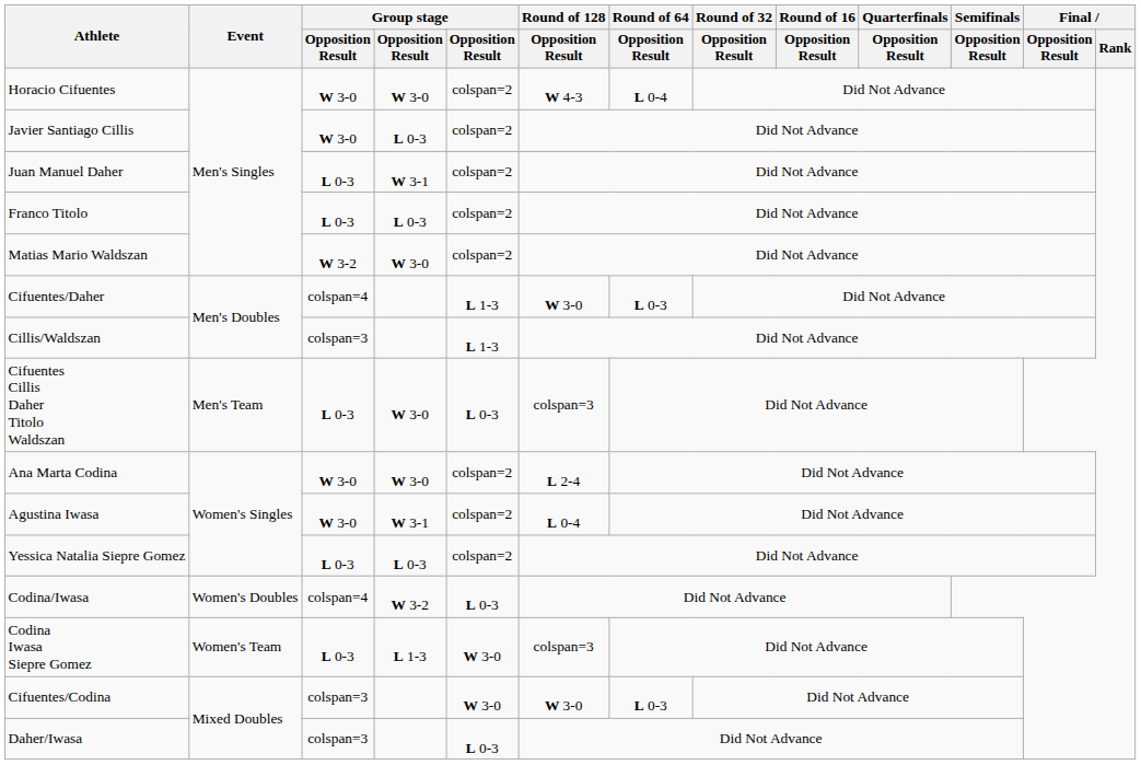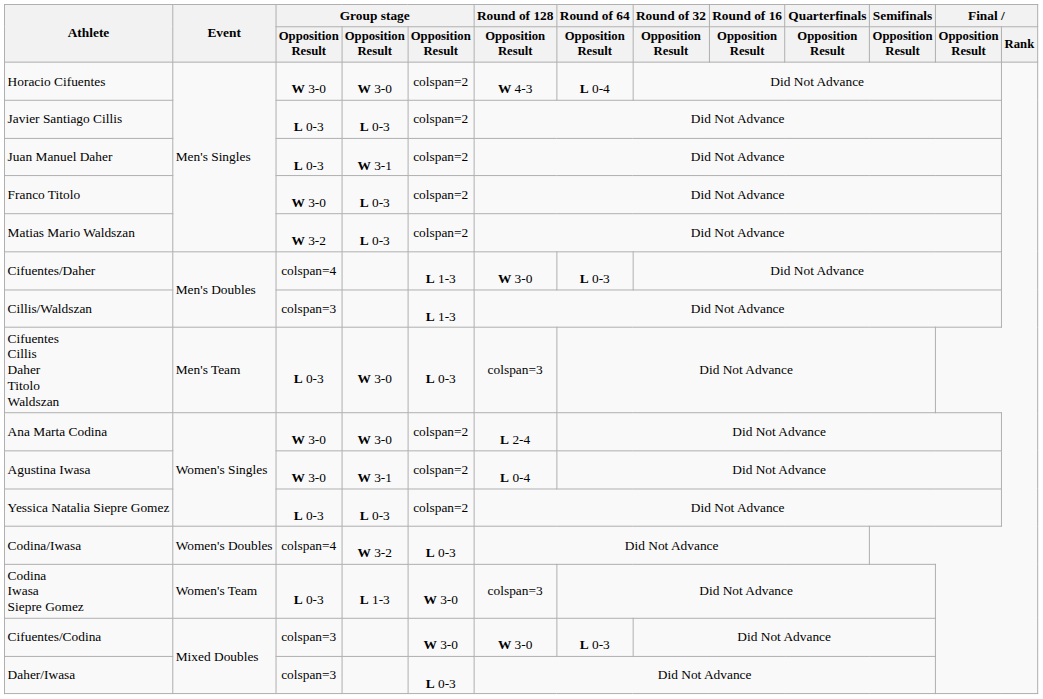 <table class="wikitable" style="font-size:90%;">
 <tr>
 <th rowspan=2>Athlete</th>
 <th rowspan=2>Event</th>
 <th colspan=3>Group stage</th>
 <th>Round of 128</th>
 <th>Round of 64</th>
 <th>Round of 32</th>
 <th>Round of 16</th>
 <th>Quarterfinals</th>
 <th>Semifinals</th>
 <th colspan=2>Final / </th>
 </tr>
 <tr style="font-size:95%">
 <th>Opposition<br>Result</th>
 <th>Opposition<br>Result</th>
 <th>Opposition<br>Result</th>
 <th>Opposition<br>Result</th>
 <th>Opposition<br>Result</th>
 <th>Opposition<br>Result</th>
 <th>Opposition<br>Result</th>
 <th>Opposition<br>Result</th>
 <th>Opposition<br>Result</th>
 <th>Opposition<br>Result</th>
 <th>Rank</th>
 </tr>
 <tr align=center>
 <td align=left>Horacio Cifuentes</td>
 <td align=left rowspan=5>Men's Singles</td>
 <td><br><strong>W</strong> 3-0</td>
 <td><br><strong>W</strong> 3-0</td>
 <td>colspan=2 </td>
 <td><br><strong>W</strong> 4-3</td>
 <td><br><strong>L</strong> 0-4</td>
 <td colspan=5>Did Not Advance</td>
 </tr>
 <tr align=center>
 <td align=left>Javier Santiago Cillis</td>
-<td><br><strong>W</strong> 3-0</td>
+<td><br><strong>L</strong> 0-3</td>
 <td><br><strong>L</strong> 0-3</td>
 <td>colspan=2 </td>
 <td colspan=7>Did Not Advance</td>
 </tr>
 <tr align=center>
 <td align=left>Juan Manuel Daher</td>
 <td><br><strong>L</strong> 0-3</td>
 <td><br><strong>W</strong> 3-1</td>
 <td>colspan=2 </td>
 <td colspan=7>Did Not Advance</td>
 </tr>
 <tr align=center>
 <td align=left>Franco Titolo</td>
-<td><br><strong>L</strong> 0-3</td>
+<td><br><strong>W</strong> 3-0</td>
 <td><br><strong>L</strong> 0-3</td>
 <td>colspan=2 </td>
 <td colspan=7>Did Not Advance</td>
 </tr>
 <tr align=center>
 <td align=left>Matias Mario Waldszan</td>
 <td><br><strong>W</strong> 3-2</td>
-<td><br><strong>W</strong> 3-0</td>
+<td><br><strong>L</strong> 0-3</td>
 <td>colspan=2 </td>
 <td colspan=7>Did Not Advance</td>
 </tr>
 <tr align=center>
 <td align=left>Cifuentes/Daher</td>
 <td align=left rowspan=2>Men's Doubles</td>
 <td>colspan=4 </td>
 <td></td>
 <td><br><strong>L</strong> 1-3</td>
 <td><br><strong>W</strong> 3-0</td>
 <td><br><strong>L</strong> 0-3</td>
 <td colspan=5>Did Not Advance</td>
 </tr>
 <tr align=center>
 <td align=left>Cillis/Waldszan</td>
 <td>colspan=3 </td>
 <td></td>
 <td><br><strong>L</strong> 1-3</td>
 <td colspan=7>Did Not Advance</td>
 </tr>
 <tr align=center>
 <td align=left>Cifuentes<br>Cillis<br>Daher<br>Titolo<br>Waldszan</td>
 <td align=left>Men's Team</td>
 <td><br><strong>L</strong> 0-3</td>
 <td><br><strong>W</strong> 3-0</td>
 <td><br><strong>L</strong> 0-3</td>
 <td>colspan=3 </td>
 <td colspan=5>Did Not Advance</td>
 </tr>
 <tr align=center>
 <td align=left>Ana Marta Codina</td>
 <td align=left rowspan=3>Women's Singles</td>
 <td><br><strong>W</strong> 3-0</td>
 <td><br><strong>W</strong> 3-0</td>
 <td>colspan=2 </td>
 <td><br><strong>L</strong> 2-4</td>
 <td colspan=6>Did Not Advance</td>
 </tr>
 <tr align=center>
 <td align=left>Agustina Iwasa</td>
 <td><br><strong>W</strong> 3-0</td>
 <td><br><strong>W</strong> 3-1</td>
 <td>colspan=2 </td>
 <td><br><strong>L</strong> 0-4</td>
 <td colspan=6>Did Not Advance</td>
 </tr>
 <tr align=center>
 <td align=left>Yessica Natalia Siepre Gomez</td>
 <td><br><strong>L</strong> 0-3</td>
 <td><br><strong>L</strong> 0-3</td>
 <td>colspan=2 </td>
 <td colspan=7>Did Not Advance</td>
 </tr>
 <tr align=center>
 <td align=left>Codina/Iwasa</td>
 <td align=left>Women's Doubles</td>
 <td>colspan=4 </td>
 <td><br><strong>W</strong> 3-2</td>
 <td><br><strong>L</strong> 0-3</td>
 <td colspan=5>Did Not Advance</td>
 </tr>
 <tr align=center>
 <td align=left>Codina<br>Iwasa<br>Siepre Gomez</td>
 <td align=left>Women's Team</td>
 <td><br><strong>L</strong> 0-3</td>
 <td><br><strong>L</strong> 1-3</td>
 <td><br><strong>W</strong> 3-0</td>
 <td>colspan=3 </td>
 <td colspan=5>Did Not Advance</td>
 </tr>
 <tr align=center>
 <td align=left>Cifuentes/Codina</td>
 <td align=left rowspan=2>Mixed Doubles</td>
 <td>colspan=3 </td>
 <td></td>
 <td><br><strong>W</strong> 3-0</td>
 <td><br><strong>W</strong> 3-0</td>
 <td><br><strong>L</strong> 0-3</td>
 <td colspan=4>Did Not Advance</td>
 </tr>
 <tr align=center>
 <td align=left>Daher/Iwasa</td>
 <td>colspan=3 </td>
 <td></td>
 <td><br><strong>L</strong> 0-3</td>
 <td colspan=6>Did Not Advance</td>
 </tr>
 </table>
